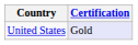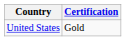 <table class="wikitable sortable">
 <tr>
 <th>Country</th>
 <th><a href='#'>Certification</a></th>
 </tr>
 <tr>
 <td><a href='#'>United States</a></td>
-<td style="background: lavender;">Gold</td>
+<td>Gold</td>
 </tr>
 </table>
